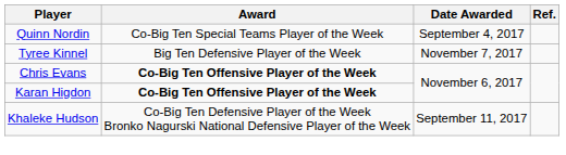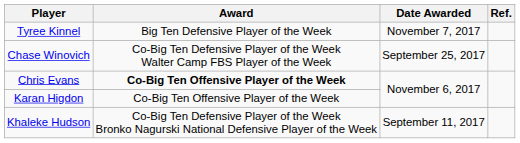 <table class="wikitable sortable sortable" style="text-align: center">
 <tr align=center>
 <th>Player</th>
 <th>Award</th>
 <th>Date Awarded</th>
 <th>Ref.</th>
 </tr>
 <tr>
-<td><a href='#'>Quinn Nordin</a></td>
-<td>Co-Big Ten Special Teams Player of the Week</td>
-<td>September 4, 2017</td>
-<td></td>
-</tr>
-<tr>
 <td><a href='#'>Tyree Kinnel</a></td>
 <td>Big Ten Defensive Player of the Week</td>
 <td>November 7, 2017</td>
 <td></td>
+</tr>
+<tr>
+<td><a href='#'>Chase Winovich</a></td>
+<td>Co-Big Ten Defensive Player of the Week<br>Walter Camp FBS Player of the Week</td>
+<td>September 25, 2017</td>
+<td><br></td>
 </tr>
 <tr>
 <td><a href='#'>Chris Evans</a></td>
 <td><strong>Co-Big Ten Offensive Player of the Week</strong></td>
 <td rowspan="2">November 6, 2017</td>
 <td rowspan="2"></td>
 </tr>
 <tr>
 <td><a href='#'>Karan Higdon</a></td>
-<td><strong>Co-Big Ten Offensive Player of the Week</strong></td>
+<td>Co-Big Ten Offensive Player of the Week</td>
 </tr>
 <tr>
 <td><a href='#'>Khaleke Hudson</a></td>
 <td>Co-Big Ten Defensive Player of the Week<br>Bronko Nagurski National Defensive Player of the Week</td>
 <td>September 11, 2017</td>
 <td></td>
 </tr>
 </table>
